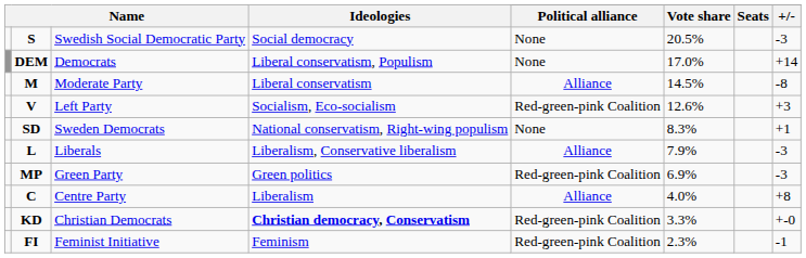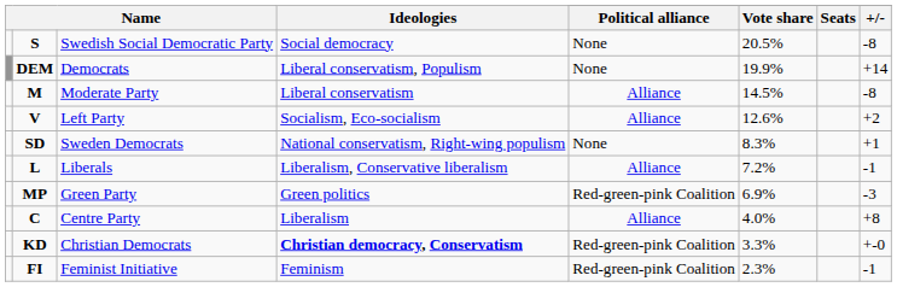 <table class="wikitable">
 <tr>
 <th colspan="3" rowspan="2">Name</th>
 <th rowspan="2">Ideologies</th>
 </tr>
 <tr>
 <th>Political alliance</th>
 <th>Vote  share</th>
 <th>Seats</th>
 <th>+/-</th>
 </tr>
 <tr>
 <td style="background:"></td>
 <td style="text-align:center;"><strong>S</strong></td>
 <td><a href='#'>Swedish Social Democratic Party</a><br></td>
 <td><a href='#'>Social democracy</a></td>
 <td>None</td>
 <td>20.5%</td>
 <td></td>
-<td>-3</td>
+<td>-8</td>
 </tr>
 <tr>
 <td style="background:#939393;"></td>
 <td style="text-align:center;"><strong>DEM</strong></td>
 <td><a href='#'>Democrats</a><br></td>
 <td><a href='#'>Liberal conservatism</a>, <a href='#'>Populism</a></td>
 <td>None</td>
-<td>17.0%</td>
+<td>19.9%</td>
 <td></td>
 <td>+14</td>
 </tr>
 <tr>
 <td style="background:"></td>
 <td style="text-align:center;"><strong>M</strong></td>
 <td><a href='#'>Moderate Party</a><br></td>
 <td><a href='#'>Liberal conservatism</a></td>
 <td style="text-align:center;"><a href='#'>Alliance</a></td>
 <td>14.5%</td>
 <td></td>
 <td>-8</td>
 </tr>
 <tr>
 <td style="background:"></td>
 <td style="text-align:center;"><strong>V</strong></td>
 <td><a href='#'>Left Party</a><br></td>
 <td><a href='#'>Socialism</a>, <a href='#'>Eco-socialism</a></td>
-<td style="text-align:center;">Red-green-pink Coalition</td>
+<td style="text-align:center;"><a href='#'>Alliance</a></td>
 <td>12.6%</td>
 <td></td>
-<td>+3</td>
+<td>+2</td>
 </tr>
 <tr>
 <td style="background:"></td>
 <td style="text-align:center;"><strong>SD</strong></td>
 <td><a href='#'>Sweden Democrats</a><br></td>
 <td><a href='#'>National conservatism</a>, <a href='#'>Right-wing populism</a></td>
 <td>None</td>
 <td>8.3%</td>
 <td></td>
 <td>+1</td>
 </tr>
 <tr>
 <td style="background:"></td>
 <td style="text-align:center;"><strong>L</strong></td>
 <td><a href='#'>Liberals</a><br></td>
 <td><a href='#'>Liberalism</a>, <a href='#'>Conservative liberalism</a></td>
 <td style="text-align:center;"><a href='#'>Alliance</a></td>
-<td>7.9%</td>
+<td>7.2%</td>
 <td></td>
-<td>-3</td>
+<td>-1</td>
 </tr>
 <tr>
 <td style="background:"></td>
 <td style="text-align:center;"><strong>MP</strong></td>
 <td><a href='#'>Green Party</a><br></td>
 <td><a href='#'>Green politics</a></td>
 <td style="text-align:center;">Red-green-pink Coalition</td>
 <td>6.9%</td>
 <td></td>
 <td>-3</td>
 </tr>
 <tr>
 <td style="background:"></td>
 <td style="text-align:center;"><strong>C</strong></td>
 <td><a href='#'>Centre Party</a><br></td>
 <td><a href='#'>Liberalism</a></td>
 <td style="text-align:center;"><a href='#'>Alliance</a></td>
 <td>4.0%</td>
 <td></td>
 <td>+8</td>
 </tr>
 <tr>
 <td style="background:"></td>
 <td style="text-align:center;"><strong>KD</strong></td>
 <td><a href='#'>Christian Democrats</a><br></td>
 <td><strong><a href='#'>Christian democracy</a>, <a href='#'>Conservatism</a></strong></td>
 <td style="text-align:center;">Red-green-pink Coalition</td>
 <td>3.3%</td>
 <td></td>
 <td>+-0</td>
 </tr>
 <tr>
 <td style="background:"></td>
 <td style="text-align:center;"><strong>FI</strong></td>
 <td><a href='#'>Feminist Initiative</a><br></td>
 <td><a href='#'>Feminism</a></td>
 <td style="text-align:center;">Red-green-pink Coalition</td>
 <td>2.3%</td>
 <td></td>
 <td>-1</td>
 </tr>
 </table>
